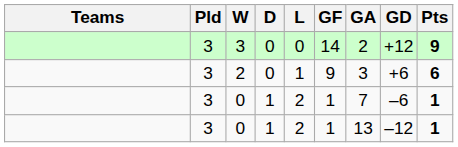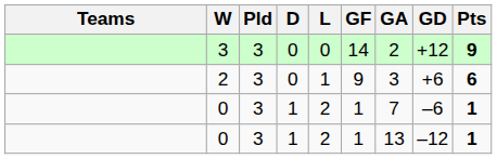 <table class="wikitable" style="text-align: center;">
 <tr>
 <th width=165>Teams</th>
+<th width=20>W</th>
 <th width=20>Pld</th>
-<th width=20>W</th>
 <th width=20>D</th>
 <th width=20>L</th>
 <th width=20>GF</th>
 <th width=20>GA</th>
 <th width=20>GD</th>
 <th width=20>Pts</th>
 </tr>
 <tr align=center style="background:#ccffcc;">
 <td style="text-align:left;"></td>
 <td>3</td>
 <td>3</td>
 <td>0</td>
 <td>0</td>
 <td>14</td>
 <td>2</td>
 <td>+12</td>
 <td><strong>9</strong></td>
 </tr>
 <tr align=center>
 <td style="text-align:left;"></td>
+<td>2</td>
 <td>3</td>
-<td>2</td>
 <td>0</td>
 <td>1</td>
 <td>9</td>
 <td>3</td>
 <td>+6</td>
 <td><strong>6</strong></td>
 </tr>
 <tr align=center>
 <td style="text-align:left;"></td>
+<td>0</td>
 <td>3</td>
-<td>0</td>
 <td>1</td>
 <td>2</td>
 <td>1</td>
 <td>7</td>
 <td>–6</td>
 <td><strong>1</strong></td>
 </tr>
 <tr align=center>
 <td style="text-align:left;"></td>
+<td>0</td>
 <td>3</td>
-<td>0</td>
 <td>1</td>
 <td>2</td>
 <td>1</td>
 <td>13</td>
 <td>–12</td>
 <td><strong>1</strong></td>
 </tr>
 </table>
